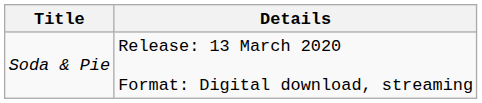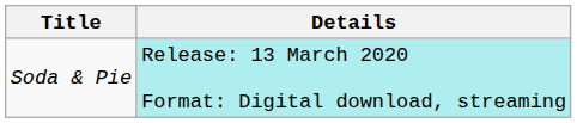 <table class="wikitable">
 <tr>
 <th>Title</th>
 <th>Details</th>
 </tr>
 <tr>
 <td><em>Soda & Pie</em></td>
-<td>Release: 13 March 2020<br><br> Format: Digital download, streaming</td>
+<td style="background: paleturquoise;">Release: 13 March 2020<br><br> Format: Digital download, streaming</td>
 </tr>
 </table>
